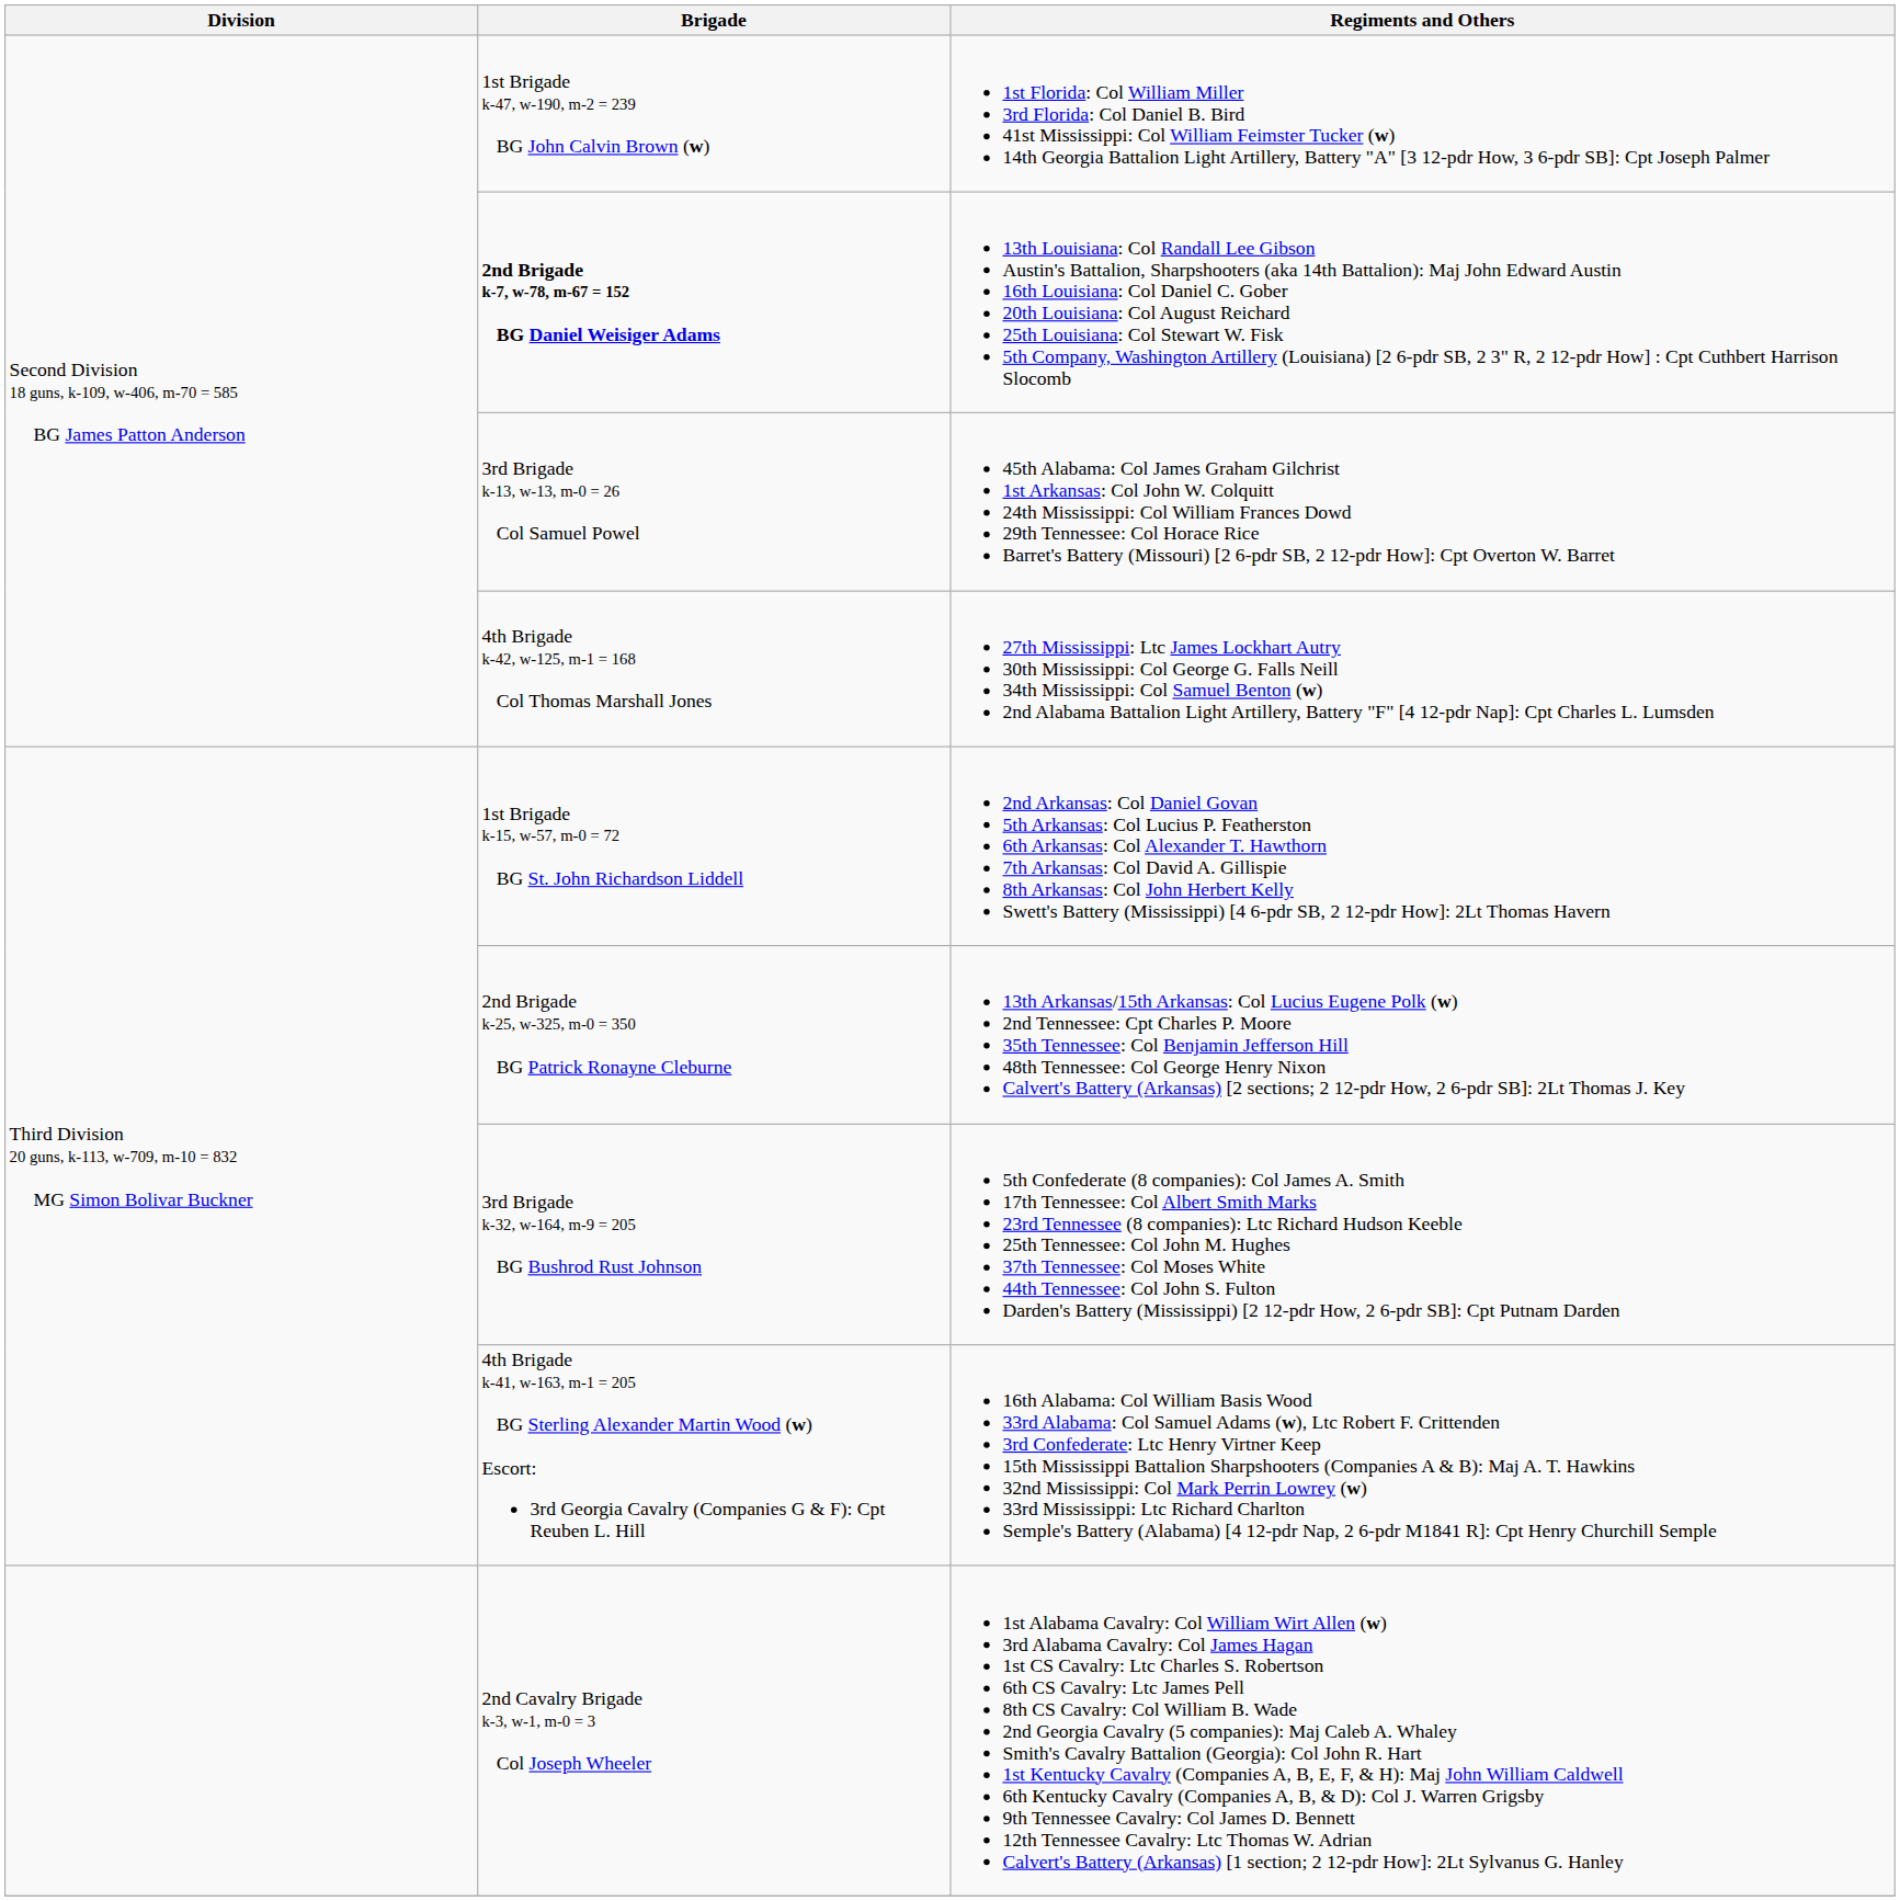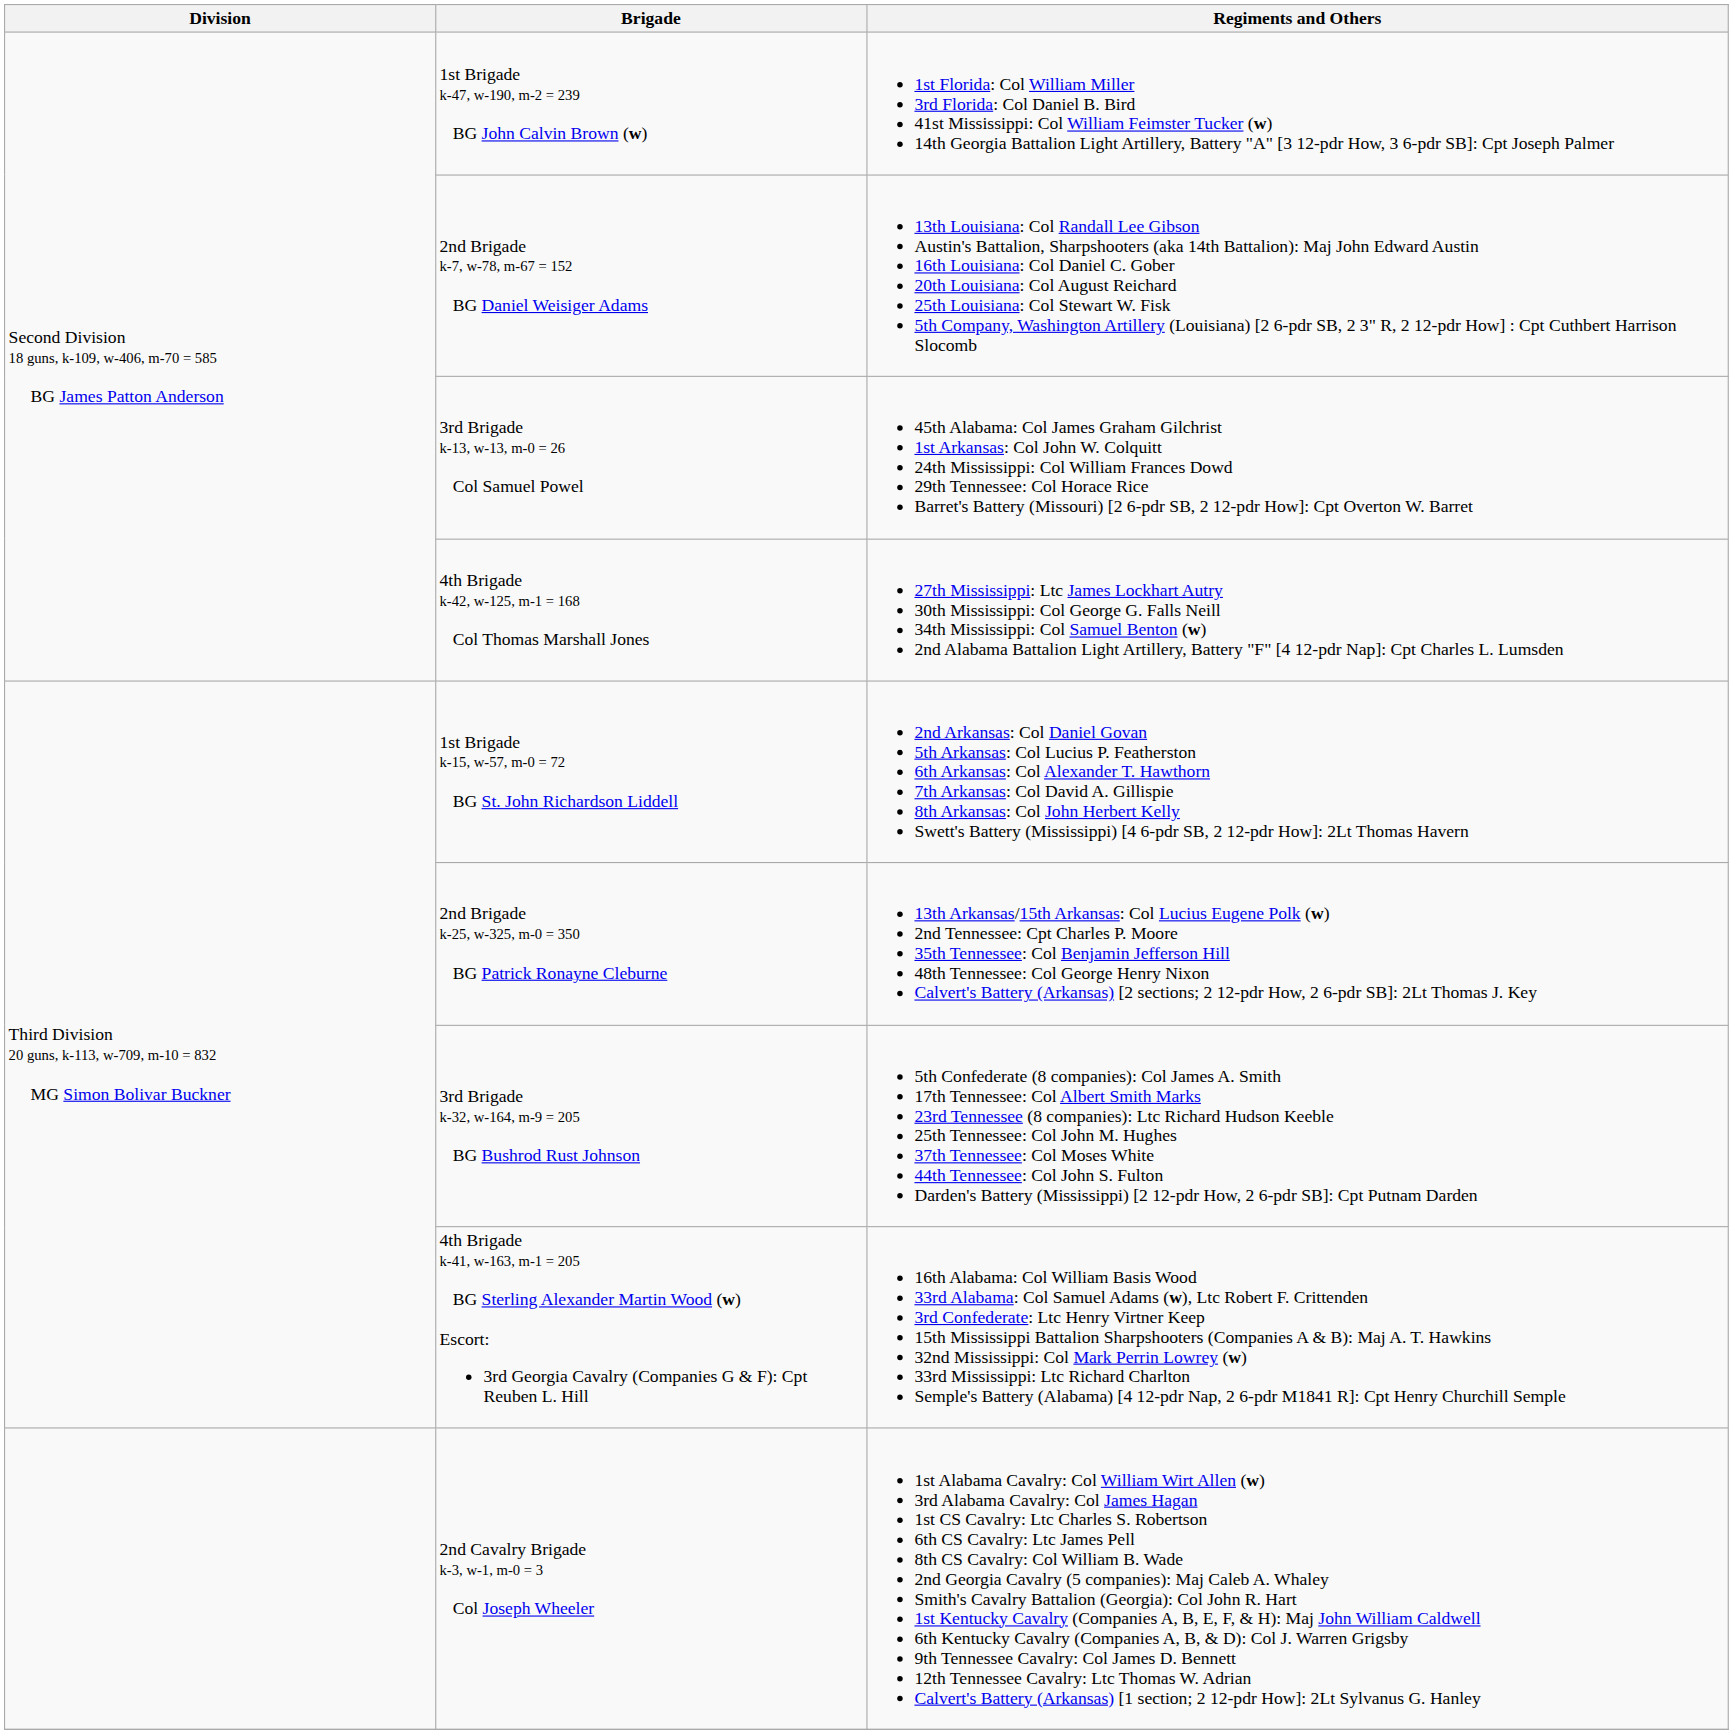 <table class="wikitable">
 <tr>
 <th width=25%>Division</th>
 <th width=25%>Brigade</th>
 <th>Regiments and Others</th>
 </tr>
 <tr>
 <td rowspan=4><br>Second Division<br><small>18 guns, k-109, w-406, m-70 = 585</small><br><br>     BG <a href='#'>James Patton Anderson</a></td>
 <td>1st Brigade<br><small>k-47, w-190, m-2 = 239</small><br><br>   BG <a href='#'>John Calvin Brown</a> (<strong>w</strong>)</td>
 <td><br><ul><li><a href='#'>1st Florida</a>: Col <a href='#'>William Miller</a></li><li><a href='#'>3rd Florida</a>: Col Daniel B. Bird</li><li>41st Mississippi: Col <a href='#'>William Feimster Tucker</a> (<strong>w</strong>)</li><li>14th Georgia Battalion Light Artillery, Battery "A" [3 12-pdr How, 3 6-pdr SB]: Cpt Joseph Palmer</li></ul></td>
 </tr>
 <tr>
-<td><strong>2nd Brigade<br><small>k-7, w-78, m-67 = 152</small><br><br>   BG <a href='#'>Daniel Weisiger Adams</a></strong></td>
+<td>2nd Brigade<br><small>k-7, w-78, m-67 = 152</small><br><br>   BG <a href='#'>Daniel Weisiger Adams</a></td>
 <td><br><ul><li><a href='#'>13th Louisiana</a>: Col <a href='#'>Randall Lee Gibson</a></li><li>Austin's Battalion, Sharpshooters (aka 14th Battalion): Maj John Edward Austin</li><li><a href='#'>16th Louisiana</a>: Col Daniel C. Gober</li><li><a href='#'>20th Louisiana</a>: Col August Reichard</li><li><a href='#'>25th Louisiana</a>: Col Stewart W. Fisk</li><li><a href='#'>5th Company, Washington Artillery</a> (Louisiana) [2 6-pdr SB, 2 3" R, 2 12-pdr How] : Cpt Cuthbert Harrison Slocomb</li></ul></td>
 </tr>
 <tr>
 <td>3rd Brigade<br><small>k-13, w-13, m-0 = 26</small><br><br>   Col Samuel Powel</td>
 <td><br><ul><li>45th Alabama: Col James Graham Gilchrist</li><li><a href='#'>1st Arkansas</a>: Col John W. Colquitt</li><li>24th Mississippi: Col William Frances Dowd</li><li>29th Tennessee: Col Horace Rice</li><li>Barret's Battery (Missouri) [2 6-pdr SB, 2 12-pdr How]: Cpt Overton W. Barret</li></ul></td>
 </tr>
 <tr>
 <td>4th Brigade<br><small>k-42, w-125, m-1 = 168</small><br><br>   Col Thomas Marshall Jones</td>
 <td><br><ul><li><a href='#'>27th Mississippi</a>: Ltc <a href='#'>James Lockhart Autry</a></li><li>30th Mississippi: Col George G. Falls Neill</li><li>34th Mississippi: Col <a href='#'>Samuel Benton</a> (<strong>w</strong>)</li><li>2nd Alabama Battalion Light Artillery, Battery "F" [4 12-pdr Nap]: Cpt Charles L. Lumsden</li></ul></td>
 </tr>
 <tr>
 <td rowspan=4><br>Third Division<br><small>20 guns, k-113, w-709, m-10  = 832</small><br><br>     MG <a href='#'>Simon Bolivar Buckner</a></td>
 <td>1st Brigade<br><small>k-15, w-57, m-0 = 72</small><br><br>   BG <a href='#'>St. John Richardson Liddell</a></td>
 <td><br><ul><li><a href='#'>2nd Arkansas</a>: Col <a href='#'>Daniel Govan</a></li><li><a href='#'>5th Arkansas</a>: Col Lucius P. Featherston</li><li><a href='#'>6th Arkansas</a>: Col <a href='#'>Alexander T. Hawthorn</a></li><li><a href='#'>7th Arkansas</a>: Col David A. Gillispie</li><li><a href='#'>8th Arkansas</a>: Col <a href='#'>John Herbert Kelly</a></li><li>Swett's Battery (Mississippi) [4 6-pdr SB, 2 12-pdr How]: 2Lt Thomas Havern</li></ul></td>
 </tr>
 <tr>
 <td>2nd Brigade<br><small>k-25, w-325, m-0 = 350</small><br><br>   BG <a href='#'>Patrick Ronayne Cleburne</a></td>
 <td><br><ul><li><a href='#'>13th Arkansas</a>/<a href='#'>15th Arkansas</a>: Col <a href='#'>Lucius Eugene Polk</a> (<strong>w</strong>)</li><li>2nd Tennessee: Cpt Charles P. Moore</li><li><a href='#'>35th Tennessee</a>: Col <a href='#'>Benjamin Jefferson Hill</a></li><li>48th Tennessee: Col George Henry Nixon</li><li><a href='#'>Calvert's Battery (Arkansas)</a> [2 sections; 2 12-pdr How, 2 6-pdr SB]: 2Lt Thomas J. Key</li></ul></td>
 </tr>
 <tr>
 <td>3rd Brigade<br><small>k-32, w-164, m-9 = 205</small><br><br>   BG <a href='#'>Bushrod Rust Johnson</a></td>
 <td><br><ul><li>5th Confederate (8 companies): Col James A. Smith</li><li>17th Tennessee: Col <a href='#'>Albert Smith Marks</a></li><li><a href='#'>23rd Tennessee</a> (8 companies): Ltc Richard Hudson Keeble</li><li>25th Tennessee: Col John M. Hughes</li><li><a href='#'>37th Tennessee</a>: Col Moses White</li><li><a href='#'>44th Tennessee</a>: Col John S. Fulton</li><li>Darden's Battery (Mississippi) [2 12-pdr How, 2 6-pdr SB]: Cpt Putnam Darden</li></ul></td>
 </tr>
 <tr>
 <td>4th Brigade<br><small>k-41, w-163, m-1 = 205</small><br><br>   BG <a href='#'>Sterling Alexander Martin Wood</a> (<strong>w</strong>)<br> <br>Escort:<ul><li>3rd Georgia Cavalry (Companies G & F): Cpt Reuben L. Hill</li></ul></td>
 <td><br><ul><li>16th Alabama: Col William Basis Wood</li><li><a href='#'>33rd Alabama</a>: Col Samuel Adams (<strong>w</strong>), Ltc Robert F. Crittenden</li><li><a href='#'>3rd Confederate</a>: Ltc Henry Virtner Keep</li><li>15th Mississippi Battalion Sharpshooters (Companies A & B): Maj A. T. Hawkins</li><li>32nd Mississippi: Col <a href='#'>Mark Perrin Lowrey</a> (<strong>w</strong>)</li><li>33rd Mississippi: Ltc Richard Charlton</li><li>Semple's Battery (Alabama) [4 12-pdr Nap, 2 6-pdr M1841 R]: Cpt Henry Churchill Semple</li></ul></td>
 </tr>
 <tr>
 <td></td>
 <td>2nd Cavalry Brigade<br><small>k-3, w-1, m-0 = 3</small><br><br>   Col <a href='#'>Joseph Wheeler</a></td>
 <td><br><ul><li>1st Alabama Cavalry: Col <a href='#'>William Wirt Allen</a> (<strong>w</strong>)</li><li>3rd Alabama Cavalry: Col <a href='#'>James Hagan</a></li><li>1st CS Cavalry: Ltc Charles S. Robertson</li><li>6th CS Cavalry: Ltc James Pell</li><li>8th CS Cavalry: Col William B. Wade</li><li>2nd Georgia Cavalry (5 companies): Maj Caleb A. Whaley</li><li>Smith's Cavalry Battalion (Georgia): Col John R. Hart</li><li><a href='#'>1st Kentucky Cavalry</a> (Companies A, B, E, F, & H): Maj <a href='#'>John William Caldwell</a></li><li>6th Kentucky Cavalry (Companies A, B, & D): Col J. Warren Grigsby</li><li>9th Tennessee Cavalry: Col James D. Bennett</li><li>12th Tennessee Cavalry: Ltc Thomas W. Adrian</li><li><a href='#'>Calvert's Battery (Arkansas)</a> [1 section; 2 12-pdr How]: 2Lt Sylvanus G. Hanley</li></ul></td>
 </tr>
 <tr>
 </tr>
 </table>
